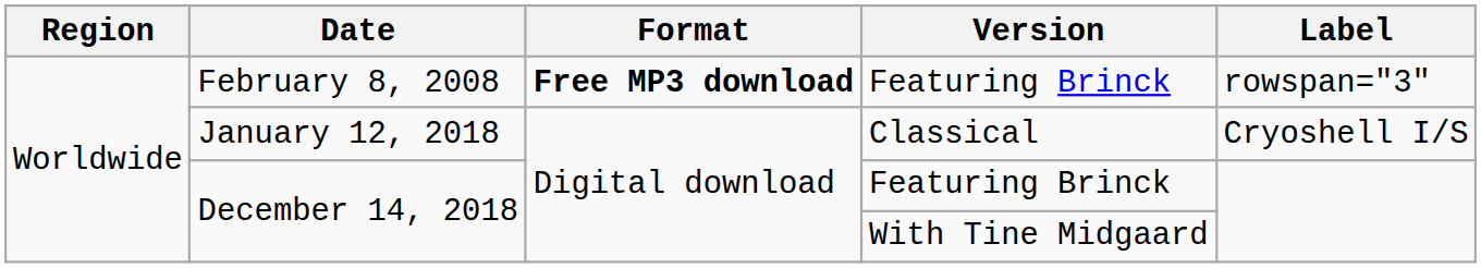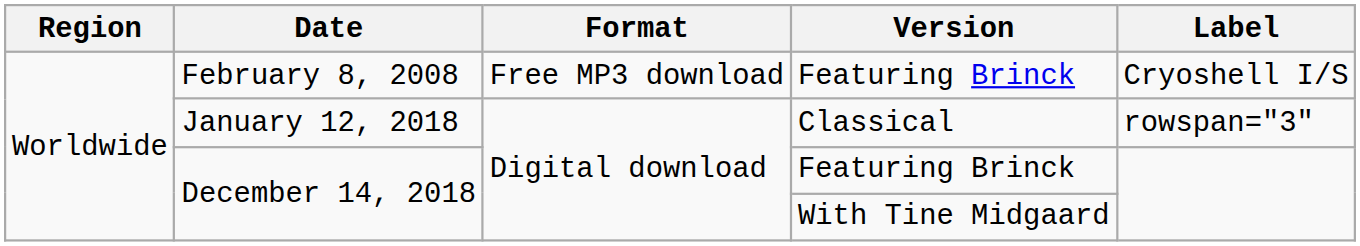 <table class="wikitable">
 <tr>
 <th>Region</th>
 <th>Date</th>
 <th>Format</th>
 <th>Version</th>
 <th>Label</th>
 </tr>
 <tr>
 <td rowspan="4" !scope="row">Worldwide</td>
 <td>February 8, 2008</td>
-<td><strong>Free MP3 download</strong></td>
+<td>Free MP3 download</td>
 <td>Featuring <a href='#'>Brinck</a></td>
-<td>rowspan="3"</td>
+<td>Cryoshell I/S</td>
 </tr>
 <tr>
 <td>January 12, 2018</td>
 <td rowspan="3">Digital download</td>
 <td>Classical</td>
-<td>Cryoshell I/S</td>
+<td>rowspan="3"</td>
 </tr>
 <tr>
 <td rowspan="2">December 14, 2018</td>
 <td>Featuring Brinck</td>
 </tr>
 <tr>
 <td>With Tine Midgaard</td>
 </tr>
 </table>
